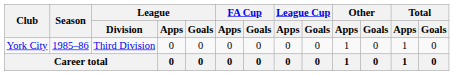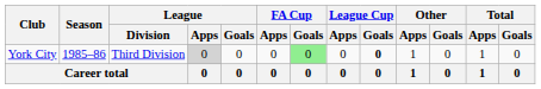 <table class="wikitable" style="text-align: center;">
 <tr>
 <th rowspan="2">Club</th>
 <th rowspan="2">Season</th>
 <th colspan="3">League</th>
 <th colspan="2"><a href='#'>FA Cup</a></th>
 <th colspan="2"><a href='#'>League Cup</a></th>
 <th colspan="2">Other</th>
 <th colspan="2">Total</th>
 </tr>
 <tr>
 <th>Division</th>
 <th>Apps</th>
 <th>Goals</th>
 <th>Apps</th>
 <th>Goals</th>
 <th>Apps</th>
 <th>Goals</th>
 <th>Apps</th>
 <th>Goals</th>
 <th>Apps</th>
 <th>Goals</th>
 </tr>
 <tr>
 <td><a href='#'>York City</a></td>
 <td><a href='#'>1985–86</a></td>
 <td><a href='#'>Third Division</a></td>
+<td style="background: lightgrey;">0</td>
 <td>0</td>
 <td>0</td>
+<td style="background: lightgreen;">0</td>
 <td>0</td>
-<td>0</td>
-<td>0</td>
-<td>0</td>
+<td><strong>0</strong></td>
 <td>1</td>
 <td>0</td>
 <td>1</td>
 <td>0</td>
 </tr>
 <tr>
 <th colspan="3">Career total</th>
 <th>0</th>
 <th>0</th>
 <th>0</th>
 <th>0</th>
 <th>0</th>
 <th>0</th>
 <th>1</th>
 <th>0</th>
 <th>1</th>
 <th>0</th>
 </tr>
 </table>
